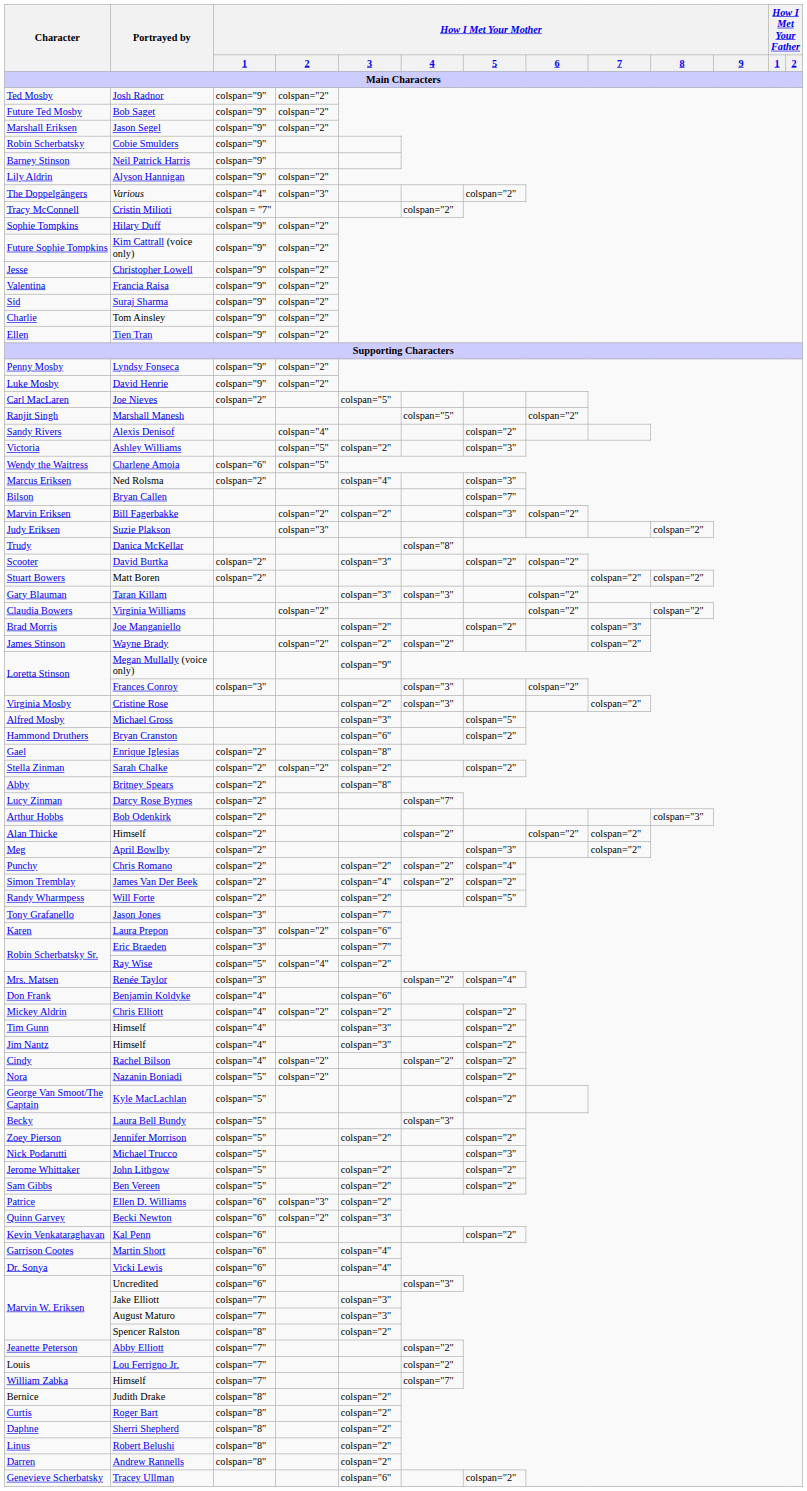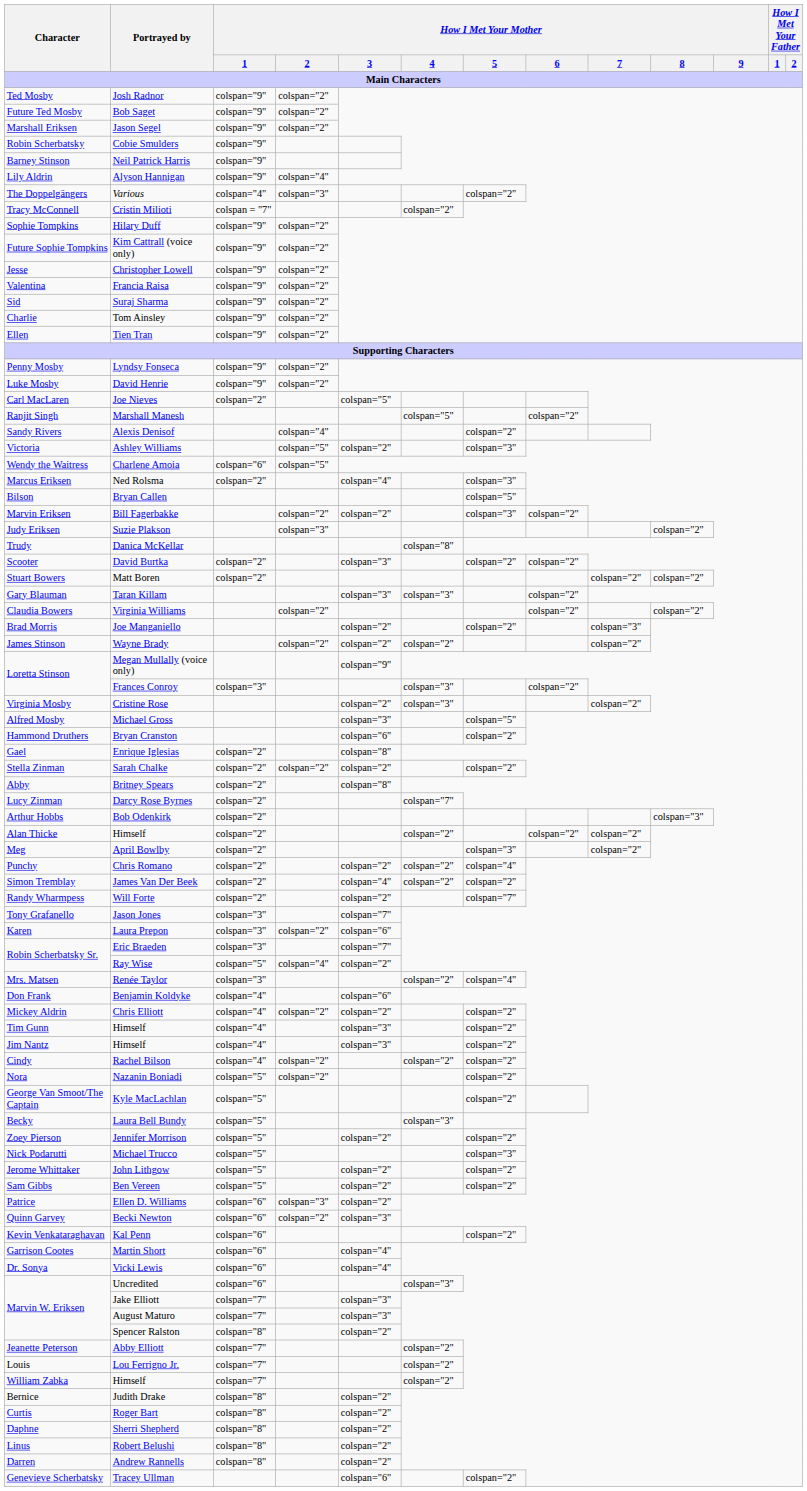 <table class="wikitable">
 <tr>
 <th rowspan="2" style="width:14%;">Character</th>
 <th rowspan="2" style="width:14%;">Portrayed by</th>
 <th colspan="9"><em><a href='#'>How I Met Your Mother</a></em></th>
 <th colspan="2"><em><a href='#'>How I Met Your Father</a></em></th>
 </tr>
 <tr>
 <th style="width:8%;"><a href='#'>1</a></th>
 <th style="width:8%;"><a href='#'>2</a></th>
 <th style="width:8%;"><a href='#'>3</a></th>
 <th style="width:8%;"><a href='#'>4</a></th>
 <th style="width:8%;"><a href='#'>5</a></th>
 <th style="width:8%;"><a href='#'>6</a></th>
 <th style="width:8%;"><a href='#'>7</a></th>
 <th style="width:8%;"><a href='#'>8</a></th>
 <th style="width:8%;"><a href='#'>9</a></th>
 <th style="width:8%;"><a href='#'>1</a></th>
 <th style="width:8%;"><a href='#'>2</a></th>
 </tr>
 <tr>
 <th colspan="13" style="background-color:#ccccff;">Main Characters</th>
 </tr>
 <tr>
 <td><a href='#'>Ted Mosby</a></td>
 <td><a href='#'>Josh Radnor</a></td>
 <td>colspan="9" </td>
 <td>colspan="2" </td>
 </tr>
 <tr>
 <td><a href='#'>Future Ted Mosby</a></td>
 <td><a href='#'>Bob Saget</a>  </td>
 <td>colspan="9" </td>
 <td>colspan="2" </td>
 </tr>
 <tr>
 <td><a href='#'>Marshall Eriksen</a></td>
 <td><a href='#'>Jason Segel</a></td>
 <td>colspan="9" </td>
 <td>colspan="2" </td>
 </tr>
 <tr>
 <td><a href='#'>Robin Scherbatsky</a></td>
 <td><a href='#'>Cobie Smulders</a></td>
 <td>colspan="9" </td>
 <td></td>
 <td></td>
 </tr>
 <tr>
 <td><a href='#'>Barney Stinson</a></td>
 <td><a href='#'>Neil Patrick Harris</a></td>
 <td>colspan="9" </td>
 <td></td>
 <td></td>
 </tr>
 <tr>
 <td><a href='#'>Lily Aldrin</a></td>
 <td><a href='#'>Alyson Hannigan</a></td>
 <td>colspan="9" </td>
-<td>colspan="2" </td>
+<td>colspan="4" </td>
 </tr>
 <tr>
 <td><a href='#'>The Doppelgängers</a></td>
 <td><em>Various</em></td>
 <td>colspan="4" </td>
 <td>colspan="3" </td>
 <td></td>
 <td></td>
 <td>colspan="2" </td>
 </tr>
 <tr>
 <td><a href='#'>Tracy McConnell</a></td>
 <td><a href='#'>Cristin Milioti</a></td>
 <td>colspan = "7" </td>
 <td></td>
 <td></td>
 <td>colspan="2" </td>
 </tr>
 <tr>
 <td><a href='#'>Sophie Tompkins</a></td>
 <td><a href='#'>Hilary Duff</a></td>
 <td>colspan="9" </td>
 <td>colspan="2" </td>
 </tr>
 <tr>
 <td><a href='#'>Future Sophie Tompkins</a></td>
 <td><a href='#'>Kim Cattrall</a> (voice only)</td>
 <td>colspan="9" </td>
 <td>colspan="2" </td>
 </tr>
 <tr>
 <td><a href='#'>Jesse</a></td>
 <td><a href='#'>Christopher Lowell</a></td>
 <td>colspan="9" </td>
 <td>colspan="2" </td>
 </tr>
 <tr>
 <td><a href='#'>Valentina</a></td>
 <td><a href='#'>Francia Raisa</a></td>
 <td>colspan="9" </td>
 <td>colspan="2" </td>
 </tr>
 <tr>
 <td><a href='#'>Sid</a></td>
 <td><a href='#'>Suraj Sharma</a></td>
 <td>colspan="9" </td>
 <td>colspan="2" </td>
 </tr>
 <tr>
 <td><a href='#'>Charlie</a></td>
 <td>Tom Ainsley</td>
 <td>colspan="9" </td>
 <td>colspan="2" </td>
 </tr>
 <tr>
 <td><a href='#'>Ellen</a></td>
 <td><a href='#'>Tien Tran</a></td>
 <td>colspan="9" </td>
 <td>colspan="2" </td>
 </tr>
 <tr>
 <th colspan="13" style="background-color:#ccccff;">Supporting Characters</th>
 </tr>
 <tr>
 <td><a href='#'>Penny Mosby</a></td>
 <td><a href='#'>Lyndsy Fonseca</a></td>
 <td>colspan="9" </td>
 <td>colspan="2" </td>
 </tr>
 <tr>
 <td><a href='#'>Luke Mosby</a></td>
 <td><a href='#'>David Henrie</a></td>
 <td>colspan="9" </td>
 <td>colspan="2" </td>
 </tr>
 <tr>
 <td><a href='#'>Carl MacLaren</a></td>
 <td><a href='#'>Joe Nieves</a></td>
 <td>colspan="2" </td>
 <td></td>
 <td>colspan="5" </td>
 <td></td>
 <td></td>
 <td></td>
 </tr>
 <tr>
 <td><a href='#'>Ranjit Singh</a></td>
 <td><a href='#'>Marshall Manesh</a></td>
 <td></td>
 <td></td>
 <td></td>
 <td>colspan="5"  </td>
 <td></td>
 <td>colspan="2" </td>
 </tr>
 <tr>
 <td><a href='#'>Sandy Rivers</a></td>
 <td><a href='#'>Alexis Denisof</a></td>
 <td></td>
 <td>colspan="4" </td>
 <td></td>
 <td></td>
 <td>colspan="2" </td>
 <td></td>
 <td></td>
 </tr>
 <tr>
 <td><a href='#'>Victoria</a></td>
 <td><a href='#'>Ashley Williams</a></td>
 <td></td>
 <td>colspan="5" </td>
 <td>colspan="2" </td>
 <td></td>
 <td>colspan="3" </td>
 </tr>
 <tr>
 <td><a href='#'>Wendy the Waitress</a></td>
 <td><a href='#'>Charlene Amoia</a></td>
 <td>colspan="6" </td>
 <td>colspan="5" </td>
 </tr>
 <tr>
 <td><a href='#'>Marcus Eriksen</a></td>
 <td>Ned Rolsma</td>
 <td>colspan="2" </td>
 <td></td>
 <td>colspan="4" </td>
 <td></td>
 <td>colspan="3" </td>
 </tr>
 <tr>
 <td><a href='#'>Bilson</a></td>
 <td><a href='#'>Bryan Callen</a></td>
 <td></td>
 <td></td>
 <td></td>
 <td></td>
-<td>colspan="7" </td>
+<td>colspan="5" </td>
 </tr>
 <tr>
 <td><a href='#'>Marvin Eriksen</a></td>
 <td><a href='#'>Bill Fagerbakke</a></td>
 <td></td>
 <td>colspan="2" </td>
 <td>colspan="2" </td>
 <td></td>
 <td>colspan="3" </td>
 <td>colspan="2" </td>
 </tr>
 <tr>
 <td><a href='#'>Judy Eriksen</a></td>
 <td><a href='#'>Suzie Plakson</a></td>
 <td></td>
 <td>colspan="3" </td>
 <td></td>
 <td></td>
 <td></td>
 <td></td>
 <td></td>
 <td>colspan="2" </td>
 </tr>
 <tr>
 <td><a href='#'>Trudy</a></td>
 <td><a href='#'>Danica McKellar</a></td>
 <td></td>
 <td></td>
 <td></td>
 <td>colspan="8" </td>
 </tr>
 <tr>
 <td><a href='#'>Scooter</a></td>
 <td><a href='#'>David Burtka</a></td>
 <td>colspan="2" </td>
 <td></td>
 <td>colspan="3" </td>
 <td></td>
 <td>colspan="2" </td>
 <td>colspan="2" </td>
 </tr>
 <tr>
 <td><a href='#'>Stuart Bowers</a></td>
 <td>Matt Boren</td>
 <td>colspan="2" </td>
 <td></td>
 <td></td>
 <td></td>
 <td></td>
 <td></td>
 <td>colspan="2" </td>
 <td>colspan="2" </td>
 </tr>
 <tr>
 <td><a href='#'>Gary Blauman</a></td>
 <td><a href='#'>Taran Killam</a></td>
 <td></td>
 <td></td>
 <td>colspan="3" </td>
 <td>colspan="3" </td>
 <td></td>
 <td>colspan="2" </td>
 </tr>
 <tr>
 <td><a href='#'>Claudia Bowers</a></td>
 <td><a href='#'>Virginia Williams</a></td>
 <td></td>
 <td>colspan="2" </td>
 <td></td>
 <td></td>
 <td></td>
 <td>colspan="2" </td>
 <td></td>
 <td>colspan="2" </td>
 </tr>
 <tr>
 <td><a href='#'>Brad Morris</a></td>
 <td><a href='#'>Joe Manganiello</a></td>
 <td></td>
 <td></td>
 <td>colspan="2" </td>
 <td></td>
 <td>colspan="2" </td>
 <td></td>
 <td>colspan="3" </td>
 </tr>
 <tr>
 <td><a href='#'>James Stinson</a></td>
 <td><a href='#'>Wayne Brady</a></td>
 <td></td>
 <td>colspan="2" </td>
 <td>colspan="2" </td>
 <td>colspan="2" </td>
 <td></td>
 <td></td>
 <td>colspan="2" </td>
 </tr>
 <tr>
 <td rowspan="2"><a href='#'>Loretta Stinson</a></td>
 <td><a href='#'>Megan Mullally</a> (voice only)</td>
 <td></td>
 <td></td>
 <td>colspan="9" </td>
 </tr>
 <tr>
 <td><a href='#'>Frances Conroy</a></td>
 <td>colspan="3" </td>
 <td></td>
 <td></td>
 <td>colspan="3" </td>
 <td></td>
 <td>colspan="2" </td>
 </tr>
 <tr>
 <td><a href='#'>Virginia Mosby</a></td>
 <td><a href='#'>Cristine Rose</a></td>
 <td></td>
 <td></td>
 <td>colspan="2" </td>
 <td>colspan="3" </td>
 <td></td>
 <td></td>
 <td>colspan="2" </td>
 </tr>
 <tr>
 <td><a href='#'>Alfred Mosby</a></td>
 <td><a href='#'>Michael Gross</a></td>
 <td></td>
 <td></td>
 <td>colspan="3" </td>
 <td></td>
 <td>colspan="5" </td>
 </tr>
 <tr>
 <td><a href='#'>Hammond Druthers</a></td>
 <td><a href='#'>Bryan Cranston</a></td>
 <td></td>
 <td></td>
 <td>colspan="6" </td>
 <td></td>
 <td>colspan="2" </td>
 </tr>
 <tr>
 <td><a href='#'>Gael</a></td>
 <td><a href='#'>Enrique Iglesias</a></td>
 <td>colspan="2" </td>
 <td></td>
 <td>colspan="8" </td>
 </tr>
 <tr>
 <td><a href='#'>Stella Zinman</a></td>
 <td><a href='#'>Sarah Chalke</a></td>
 <td>colspan="2" </td>
 <td>colspan="2" </td>
 <td>colspan="2" </td>
 <td></td>
 <td>colspan="2" </td>
 </tr>
 <tr>
 <td><a href='#'>Abby</a></td>
 <td><a href='#'>Britney Spears</a></td>
 <td>colspan="2" </td>
 <td></td>
 <td>colspan="8" </td>
 </tr>
 <tr>
 <td><a href='#'>Lucy Zinman</a></td>
 <td><a href='#'>Darcy Rose Byrnes</a></td>
 <td>colspan="2" </td>
 <td></td>
 <td></td>
 <td>colspan="7" </td>
 </tr>
 <tr>
 <td><a href='#'>Arthur Hobbs</a></td>
 <td><a href='#'>Bob Odenkirk</a></td>
 <td>colspan="2" </td>
 <td></td>
 <td></td>
 <td></td>
 <td></td>
 <td></td>
 <td></td>
 <td>colspan="3" </td>
 </tr>
 <tr>
 <td><a href='#'>Alan Thicke</a></td>
 <td>Himself</td>
 <td>colspan="2" </td>
 <td></td>
 <td></td>
 <td>colspan="2" </td>
 <td></td>
 <td>colspan="2" </td>
 <td>colspan="2" </td>
 </tr>
 <tr>
 <td><a href='#'>Meg</a></td>
 <td><a href='#'>April Bowlby</a></td>
 <td>colspan="2" </td>
 <td></td>
 <td></td>
 <td></td>
 <td>colspan="3" </td>
 <td></td>
 <td>colspan="2" </td>
 </tr>
 <tr>
 <td><a href='#'>Punchy</a></td>
 <td><a href='#'>Chris Romano</a></td>
 <td>colspan="2" </td>
 <td></td>
 <td>colspan="2" </td>
 <td>colspan="2" </td>
 <td>colspan="4" </td>
 </tr>
 <tr>
 <td><a href='#'>Simon Tremblay</a></td>
 <td><a href='#'>James Van Der Beek</a></td>
 <td>colspan="2" </td>
 <td></td>
 <td>colspan="4" </td>
 <td>colspan="2" </td>
 <td>colspan="2" </td>
 </tr>
 <tr>
 <td><a href='#'>Randy Wharmpess</a></td>
 <td><a href='#'>Will Forte</a></td>
 <td>colspan="2" </td>
 <td></td>
 <td>colspan="2" </td>
 <td></td>
-<td>colspan="5" </td>
+<td>colspan="7" </td>
 </tr>
 <tr>
 <td><a href='#'>Tony Grafanello</a></td>
 <td><a href='#'>Jason Jones</a></td>
 <td>colspan="3" </td>
 <td></td>
 <td>colspan="7" </td>
 </tr>
 <tr>
 <td><a href='#'>Karen</a></td>
 <td><a href='#'>Laura Prepon</a></td>
 <td>colspan="3" </td>
 <td>colspan="2" </td>
 <td>colspan="6" </td>
 </tr>
 <tr>
 <td rowspan="2"><a href='#'>Robin Scherbatsky Sr.</a></td>
 <td><a href='#'>Eric Braeden</a></td>
 <td>colspan="3" </td>
 <td></td>
 <td>colspan="7" </td>
 </tr>
 <tr>
 <td><a href='#'>Ray Wise</a></td>
 <td>colspan="5" </td>
 <td>colspan="4" </td>
 <td>colspan="2" </td>
 </tr>
 <tr>
 <td><a href='#'>Mrs. Matsen</a></td>
 <td><a href='#'>Renée Taylor</a></td>
 <td>colspan="3" </td>
 <td></td>
 <td></td>
 <td>colspan="2" </td>
 <td>colspan="4" </td>
 </tr>
 <tr>
 <td><a href='#'>Don Frank</a></td>
 <td><a href='#'>Benjamin Koldyke</a></td>
 <td>colspan="4" </td>
 <td></td>
 <td>colspan="6" </td>
 </tr>
 <tr>
 <td><a href='#'>Mickey Aldrin</a></td>
 <td><a href='#'>Chris Elliott</a></td>
 <td>colspan="4" </td>
 <td>colspan="2" </td>
 <td>colspan="2" </td>
 <td></td>
 <td>colspan="2" </td>
 </tr>
 <tr>
 <td><a href='#'>Tim Gunn</a></td>
 <td>Himself</td>
 <td>colspan="4" </td>
 <td></td>
 <td>colspan="3" </td>
 <td></td>
 <td>colspan="2" </td>
 </tr>
 <tr>
 <td><a href='#'>Jim Nantz</a></td>
 <td>Himself</td>
 <td>colspan="4" </td>
 <td></td>
 <td>colspan="3" </td>
 <td></td>
 <td>colspan="2" </td>
 </tr>
 <tr>
 <td><a href='#'>Cindy</a></td>
 <td><a href='#'>Rachel Bilson</a></td>
 <td>colspan="4" </td>
 <td>colspan="2" </td>
 <td></td>
 <td>colspan="2" </td>
 <td>colspan="2" </td>
 </tr>
 <tr>
 <td><a href='#'>Nora</a></td>
 <td><a href='#'>Nazanin Boniadi</a></td>
 <td>colspan="5" </td>
 <td>colspan="2" </td>
 <td></td>
 <td></td>
 <td>colspan="2" </td>
 </tr>
 <tr>
 <td><a href='#'>George Van Smoot/The Captain</a></td>
 <td><a href='#'>Kyle MacLachlan</a></td>
 <td>colspan="5" </td>
 <td></td>
 <td></td>
 <td></td>
 <td>colspan="2" </td>
 <td></td>
 </tr>
 <tr>
 <td><a href='#'>Becky</a></td>
 <td><a href='#'>Laura Bell Bundy</a></td>
 <td>colspan="5" </td>
 <td></td>
 <td></td>
 <td>colspan="3" </td>
 <td></td>
 </tr>
 <tr>
 <td><a href='#'>Zoey Pierson</a></td>
 <td><a href='#'>Jennifer Morrison</a></td>
 <td>colspan="5" </td>
 <td></td>
 <td>colspan="2" </td>
 <td></td>
 <td>colspan="2" </td>
 </tr>
 <tr>
 <td><a href='#'>Nick Podarutti</a></td>
 <td><a href='#'>Michael Trucco</a></td>
 <td>colspan="5" </td>
 <td></td>
 <td></td>
 <td></td>
 <td>colspan="3" </td>
 </tr>
 <tr>
 <td><a href='#'>Jerome Whittaker</a></td>
 <td><a href='#'>John Lithgow</a></td>
 <td>colspan="5" </td>
 <td></td>
 <td>colspan="2" </td>
 <td></td>
 <td>colspan="2" </td>
 </tr>
 <tr>
 <td><a href='#'>Sam Gibbs</a></td>
 <td><a href='#'>Ben Vereen</a></td>
 <td>colspan="5" </td>
 <td></td>
 <td>colspan="2" </td>
 <td></td>
 <td>colspan="2" </td>
 </tr>
 <tr>
 <td><a href='#'>Patrice</a></td>
 <td><a href='#'>Ellen D. Williams</a></td>
 <td>colspan="6" </td>
 <td>colspan="3" </td>
 <td>colspan="2" </td>
 </tr>
 <tr>
 <td><a href='#'>Quinn Garvey</a></td>
 <td><a href='#'>Becki Newton</a></td>
 <td>colspan="6" </td>
 <td>colspan="2" </td>
 <td>colspan="3" </td>
 </tr>
 <tr>
 <td><a href='#'>Kevin Venkataraghavan</a></td>
 <td><a href='#'>Kal Penn</a></td>
 <td>colspan="6" </td>
 <td></td>
 <td></td>
 <td></td>
 <td>colspan="2" </td>
 </tr>
 <tr>
 <td><a href='#'>Garrison Cootes</a></td>
 <td><a href='#'>Martin Short</a></td>
 <td>colspan="6" </td>
 <td></td>
 <td>colspan="4" </td>
 </tr>
 <tr>
 <td><a href='#'>Dr. Sonya</a></td>
 <td><a href='#'>Vicki Lewis</a></td>
 <td>colspan="6" </td>
 <td></td>
 <td>colspan="4" </td>
 </tr>
 <tr>
 <td rowspan="4"><a href='#'>Marvin W. Eriksen</a></td>
 <td>Uncredited</td>
 <td>colspan="6" </td>
 <td></td>
 <td></td>
 <td>colspan="3" </td>
 </tr>
 <tr>
 <td>Jake Elliott</td>
 <td>colspan="7" </td>
 <td></td>
 <td>colspan="3" </td>
 </tr>
 <tr>
 <td>August Maturo</td>
 <td>colspan="7" </td>
 <td></td>
 <td>colspan="3" </td>
 </tr>
 <tr>
 <td>Spencer Ralston</td>
 <td>colspan="8" </td>
 <td></td>
 <td>colspan="2" </td>
 </tr>
 <tr>
 <td><a href='#'>Jeanette Peterson</a></td>
 <td><a href='#'>Abby Elliott</a></td>
 <td>colspan="7" </td>
 <td></td>
 <td></td>
 <td>colspan="2" </td>
 </tr>
 <tr>
 <td>Louis</td>
 <td><a href='#'>Lou Ferrigno Jr.</a></td>
 <td>colspan="7" </td>
 <td></td>
 <td></td>
 <td>colspan="2" </td>
 </tr>
 <tr>
 <td><a href='#'>William Zabka</a></td>
 <td>Himself</td>
 <td>colspan="7" </td>
 <td></td>
 <td></td>
-<td>colspan="7" </td>
+<td>colspan="2" </td>
 </tr>
 <tr>
 <td>Bernice</td>
 <td>Judith Drake</td>
 <td>colspan="8" </td>
 <td></td>
 <td>colspan="2" </td>
 </tr>
 <tr>
 <td><a href='#'>Curtis</a></td>
 <td><a href='#'>Roger Bart</a></td>
 <td>colspan="8" </td>
 <td></td>
 <td>colspan="2" </td>
 </tr>
 <tr>
 <td><a href='#'>Daphne</a></td>
 <td><a href='#'>Sherri Shepherd</a></td>
 <td>colspan="8" </td>
 <td></td>
 <td>colspan="2" </td>
 </tr>
 <tr>
 <td><a href='#'>Linus</a></td>
 <td><a href='#'>Robert Belushi</a></td>
 <td>colspan="8" </td>
 <td></td>
 <td>colspan="2" </td>
 </tr>
 <tr>
 <td><a href='#'>Darren</a></td>
 <td><a href='#'>Andrew Rannells</a></td>
 <td>colspan="8" </td>
 <td></td>
 <td>colspan="2" </td>
 </tr>
 <tr>
 <td><a href='#'>Genevieve Scherbatsky</a></td>
 <td><a href='#'>Tracey Ullman</a></td>
 <td></td>
 <td></td>
 <td>colspan="6" </td>
 <td></td>
 <td>colspan="2" </td>
 </tr>
 </table>
